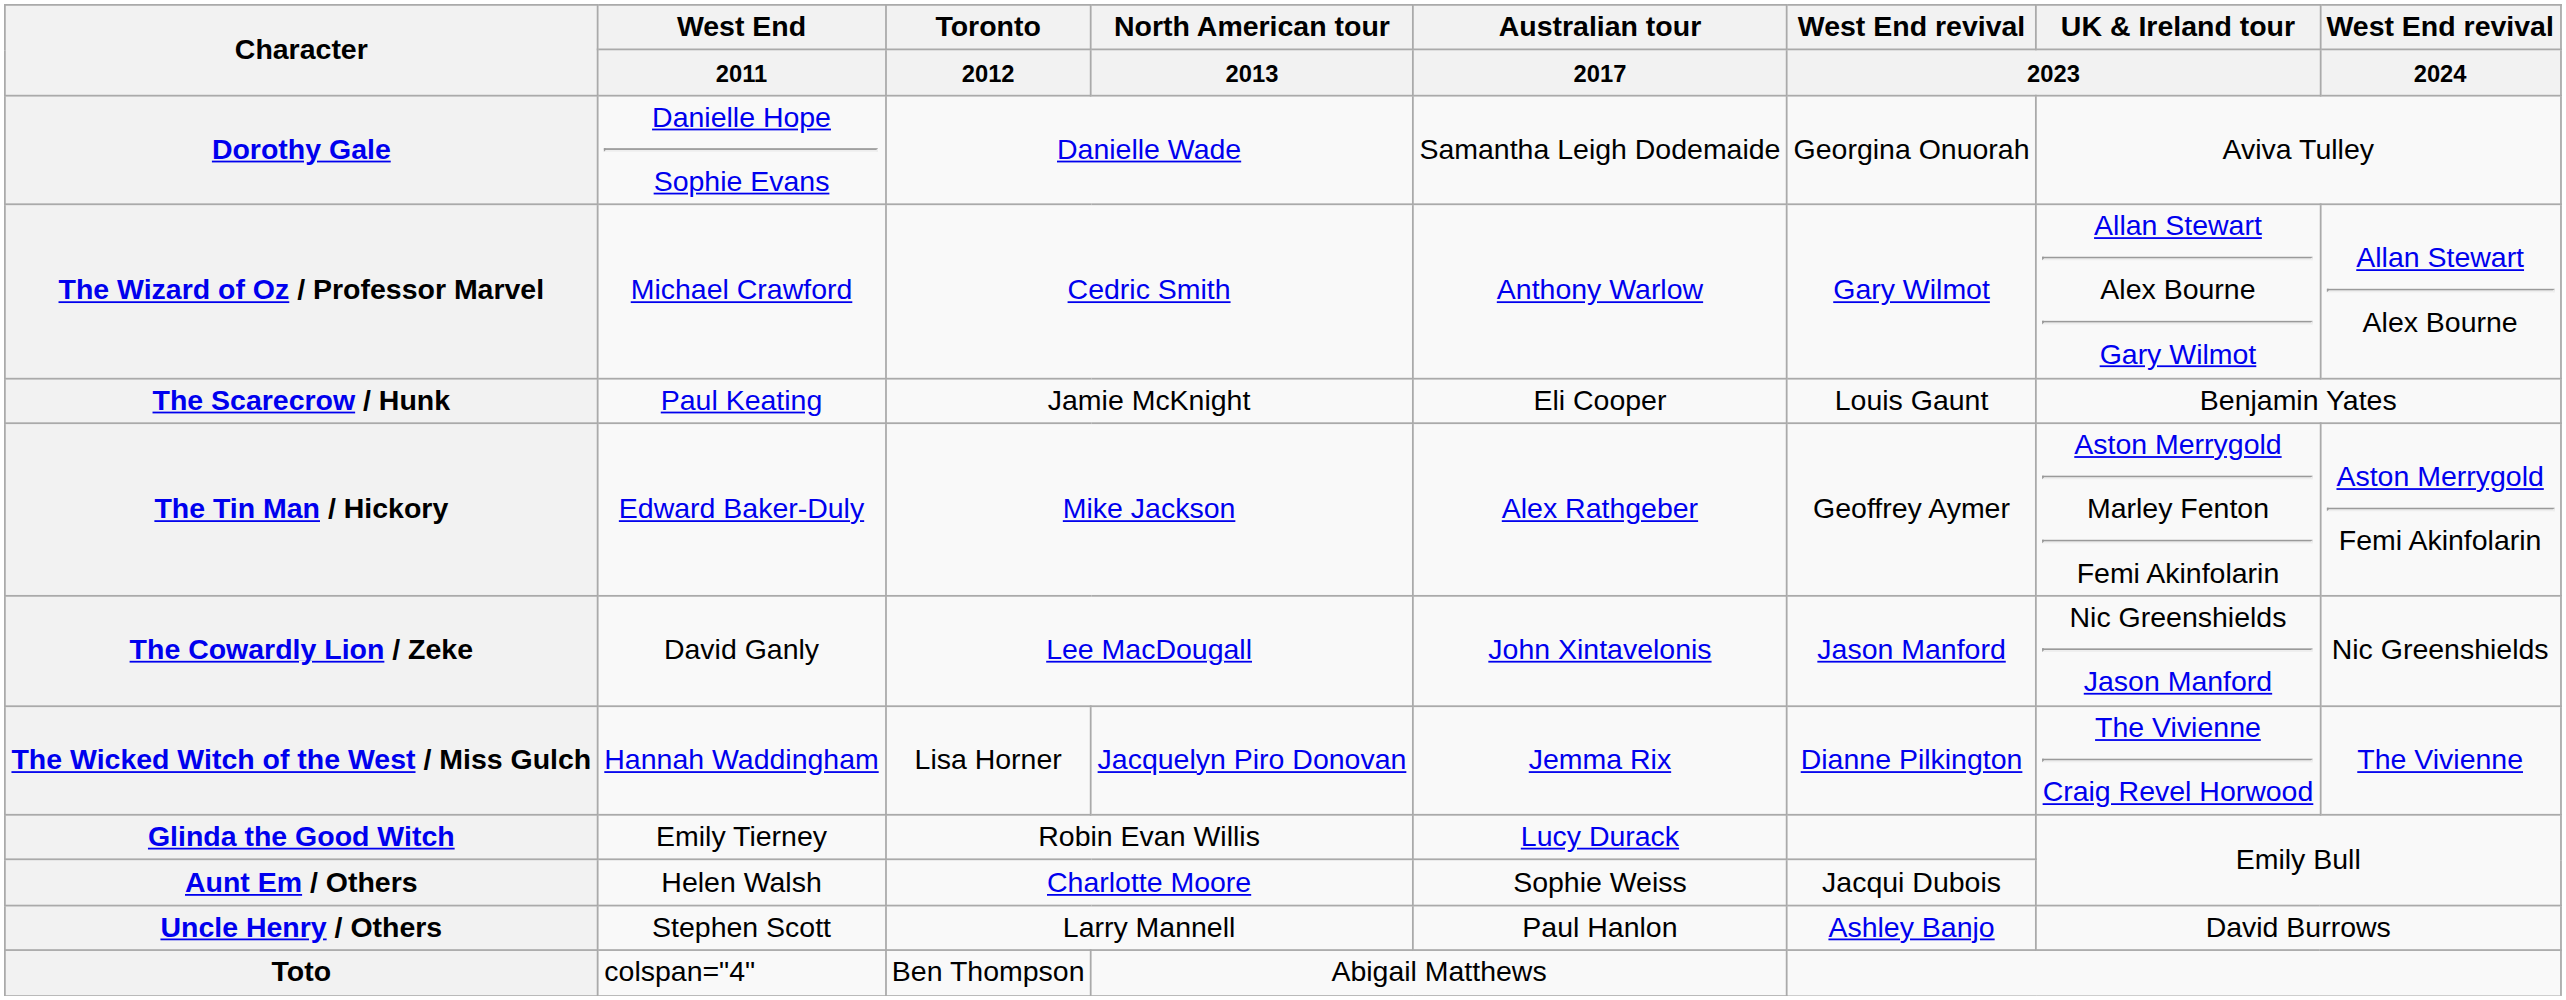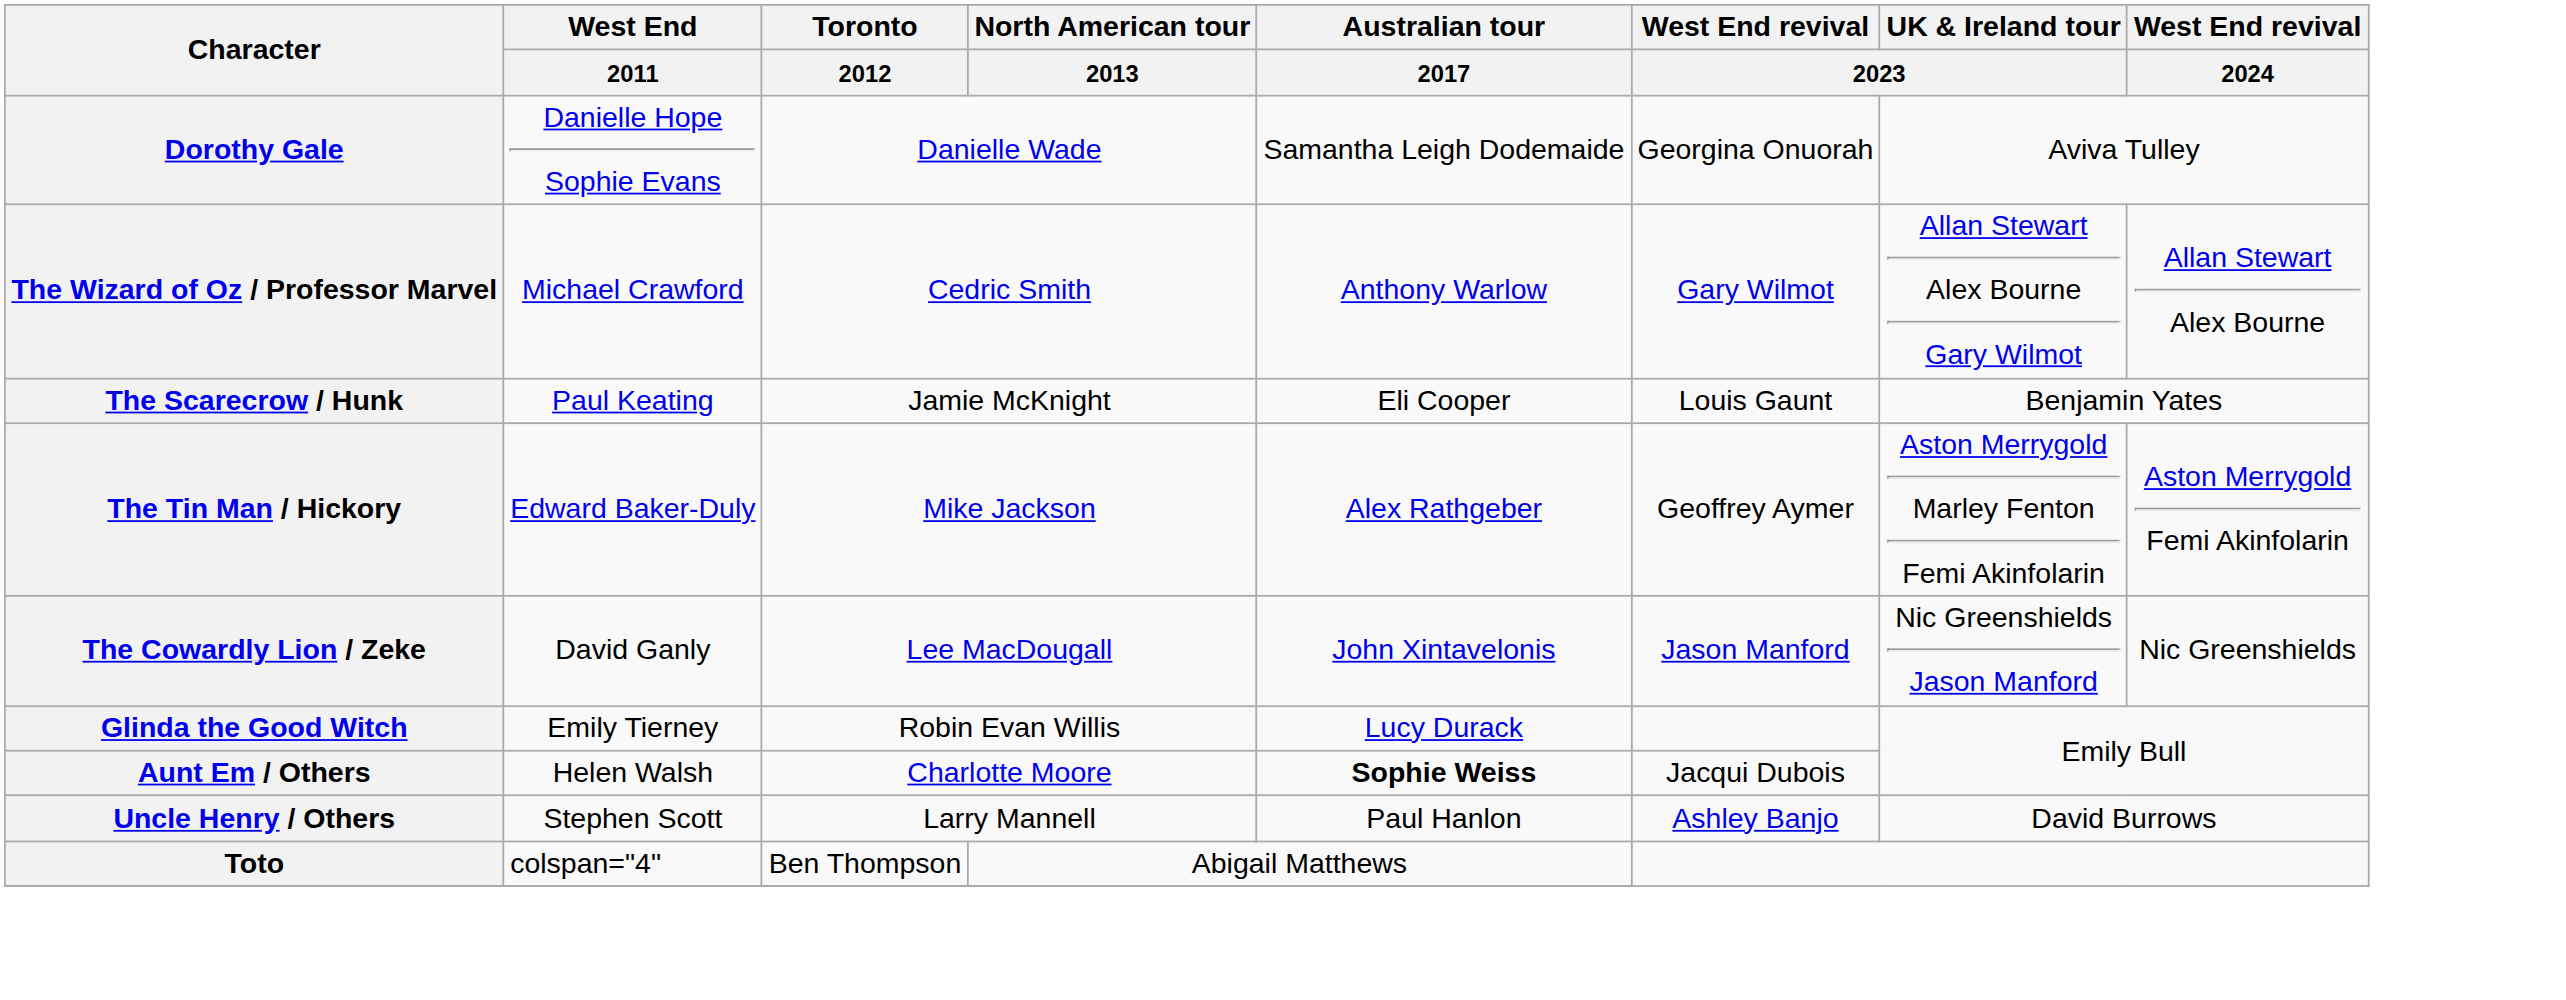 <table class="wikitable">
 <tr>
 <th rowspan=2 scope="col">Character</th>
 <th scope="col">West End</th>
 <th scope="col">Toronto</th>
 <th scope="col">North American tour</th>
 <th scope="col">Australian tour</th>
 <th scope="col">West End revival</th>
 <th scope="col">UK & Ireland tour</th>
 <th>West End revival</th>
 </tr>
 <tr>
 <th><small>2011</small></th>
 <th><small>2012</small></th>
 <th><small>2013</small></th>
 <th><small>2017</small></th>
 <th colspan=2><small>2023</small></th>
 <th><small>2024</small></th>
 </tr>
 <tr>
 <th scope="row"><a href='#'>Dorothy Gale</a></th>
 <td style="text-align:center;"><a href='#'>Danielle Hope</a><hr><a href='#'>Sophie Evans</a> </td>
 <td colspan=2 style="text-align:center;"><a href='#'>Danielle Wade</a></td>
 <td style="text-align:center;">Samantha Leigh Dodemaide</td>
 <td colspan=1 style="text-align:center;">Georgina Onuorah</td>
 <td colspan="2" style="text-align:center;">Aviva Tulley</td>
 </tr>
 <tr>
 <th scope="row"><a href='#'>The Wizard of Oz</a> / Professor Marvel</th>
 <td style="text-align:center;"><a href='#'>Michael Crawford</a></td>
 <td colspan=2 style="text-align:center;"><a href='#'>Cedric Smith</a></td>
 <td style="text-align:center;"><a href='#'>Anthony Warlow</a></td>
 <td style="text-align:center;"><a href='#'>Gary Wilmot</a></td>
 <td style="text-align:center;"><a href='#'>Allan Stewart</a><hr>Alex Bourne<hr><a href='#'>Gary Wilmot</a></td>
 <td style="text-align:center;"><a href='#'>Allan Stewart</a><hr>Alex Bourne</td>
 </tr>
 <tr>
 <th scope="row"><a href='#'>The Scarecrow</a> / Hunk</th>
 <td style="text-align:center;"><a href='#'>Paul Keating</a></td>
 <td colspan=2 style="text-align:center;">Jamie McKnight</td>
 <td style="text-align:center;">Eli Cooper</td>
 <td style="text-align:center;">Louis Gaunt</td>
 <td colspan="2" style="text-align:center;">Benjamin Yates</td>
 </tr>
 <tr>
 <th scope="row"><a href='#'>The Tin Man</a> / Hickory</th>
 <td style="text-align:center;"><a href='#'>Edward Baker-Duly</a></td>
 <td colspan=2 style="text-align:center;"><a href='#'>Mike Jackson</a></td>
 <td style="text-align:center;"><a href='#'>Alex Rathgeber</a></td>
 <td colspan=1 style="text-align:center;">Geoffrey Aymer</td>
 <td style="text-align:center;"><a href='#'>Aston Merrygold</a><hr>Marley Fenton<hr>Femi Akinfolarin</td>
 <td style="text-align:center;"><a href='#'>Aston Merrygold</a><hr>Femi Akinfolarin</td>
 </tr>
 <tr>
 <th scope="row"><a href='#'>The Cowardly Lion</a> / Zeke</th>
 <td style="text-align:center;">David Ganly</td>
 <td colspan=2 style="text-align:center;"><a href='#'>Lee MacDougall</a></td>
 <td style="text-align:center;"><a href='#'>John Xintavelonis</a></td>
 <td style="text-align:center;"><a href='#'>Jason Manford</a></td>
 <td style="text-align:center;">Nic Greenshields<hr><a href='#'>Jason Manford</a></td>
 <td style="text-align:center;">Nic Greenshields</td>
 </tr>
 <tr>
-<th scope="row"><a href='#'>The Wicked Witch of the West</a> / Miss Gulch</th>
-<td style="text-align:center;"><a href='#'>Hannah Waddingham</a></td>
-<td style="text-align:center;">Lisa Horner</td>
-<td style="text-align:center;"><a href='#'>Jacquelyn Piro Donovan</a></td>
-<td style="text-align:center;"><a href='#'>Jemma Rix</a></td>
-<td style="text-align:center;"><a href='#'>Dianne Pilkington</a></td>
-<td style="text-align:center;"><a href='#'>The Vivienne</a><hr><a href='#'>Craig Revel Horwood</a></td>
-<td style="text-align:center;"><a href='#'>The Vivienne</a></td>
-</tr>
-<tr>
 <th scope="row"><a href='#'>Glinda the Good Witch</a></th>
 <td style="text-align:center;">Emily Tierney</td>
 <td colspan=2 style="text-align:center;">Robin Evan Willis</td>
 <td style="text-align:center;"><a href='#'>Lucy Durack</a></td>
 <td colspan = 1></td>
 <td colspan=2 rowspan=2 style="text-align:center;">Emily Bull</td>
 </tr>
 <tr>
 <th scope="row"><a href='#'>Aunt Em</a> / Others</th>
 <td style="text-align:center;">Helen Walsh</td>
 <td colspan=2 style="text-align:center;"><a href='#'>Charlotte Moore</a></td>
-<td align=center>Sophie Weiss</td>
+<td align=center><strong>Sophie Weiss</strong></td>
 <td colspan=1 style="text-align:center;">Jacqui Dubois</td>
 </tr>
 <tr>
 <th scope="row"><a href='#'>Uncle Henry</a> / Others</th>
 <td style="text-align:center;">Stephen Scott</td>
 <td colspan=2 style="text-align:center;">Larry Mannell</td>
 <td style="text-align:center;">Paul Hanlon</td>
 <td style="text-align:center;"><a href='#'>Ashley Banjo</a></td>
 <td colspan=2 style="text-align:center;">David Burrows</td>
 </tr>
 <tr>
 <th>Toto</th>
 <td>colspan="4" </td>
 <td colspan=1 style="text-align:center;">Ben Thompson</td>
 <td colspan="2" style="text-align:center;">Abigail Matthews</td>
 </tr>
 <tr>
 </tr>
 </table>
